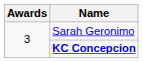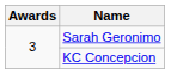 <table class="wikitable" style="text-align:center">
 <tr>
 <th scope="col">Awards</th>
 <th scope="col">Name</th>
 </tr>
 <tr>
 <td rowspan=2>3</td>
 <td align=left><a href='#'>Sarah Geronimo</a></td>
 </tr>
 <tr>
-<td align=left><strong><a href='#'>KC Concepcion</a></strong></td>
+<td align=left><a href='#'>KC Concepcion</a></td>
 </tr>
 </table>
